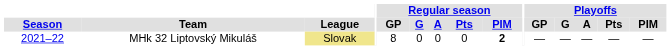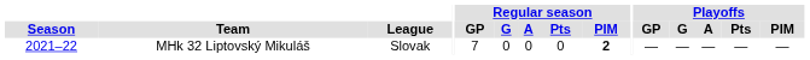 <table border="0" cellpadding="1" cellspacing="0" style="text-align:center; width:60em">
 <tr bgcolor="#e0e0e0">
 <th colspan="3" bgcolor="#ffffff"></th>
 <th rowspan="99" bgcolor="#ffffff"></th>
 <th colspan="5"><a href='#'>Regular season</a></th>
 <th rowspan="99" bgcolor="#ffffff"></th>
 <th colspan="5"><a href='#'>Playoffs</a></th>
 </tr>
 <tr bgcolor="#e0e0e0">
 <th><a href='#'>Season</a></th>
 <th>Team</th>
 <th>League</th>
 <th>GP</th>
 <th><a href='#'>G</a></th>
 <th><a href='#'>A</a></th>
 <th><a href='#'>Pts</a></th>
 <th><a href='#'>PIM</a></th>
 <th>GP</th>
 <th>G</th>
 <th>A</th>
 <th>Pts</th>
 <th>PIM</th>
 </tr>
 <tr>
 <td><a href='#'>2021–22</a></td>
 <td>MHk 32 Liptovský Mikuláš</td>
-<td style="background: khaki;">Slovak</td>
-<td>8</td>
+<td>Slovak</td>
+<td>7</td>
 <td>0</td>
 <td>0</td>
 <td>0</td>
 <td><strong>2</strong></td>
 <td>—</td>
 <td>—</td>
 <td>—</td>
 <td>—</td>
 <td>—</td>
 </tr>
 </table>
